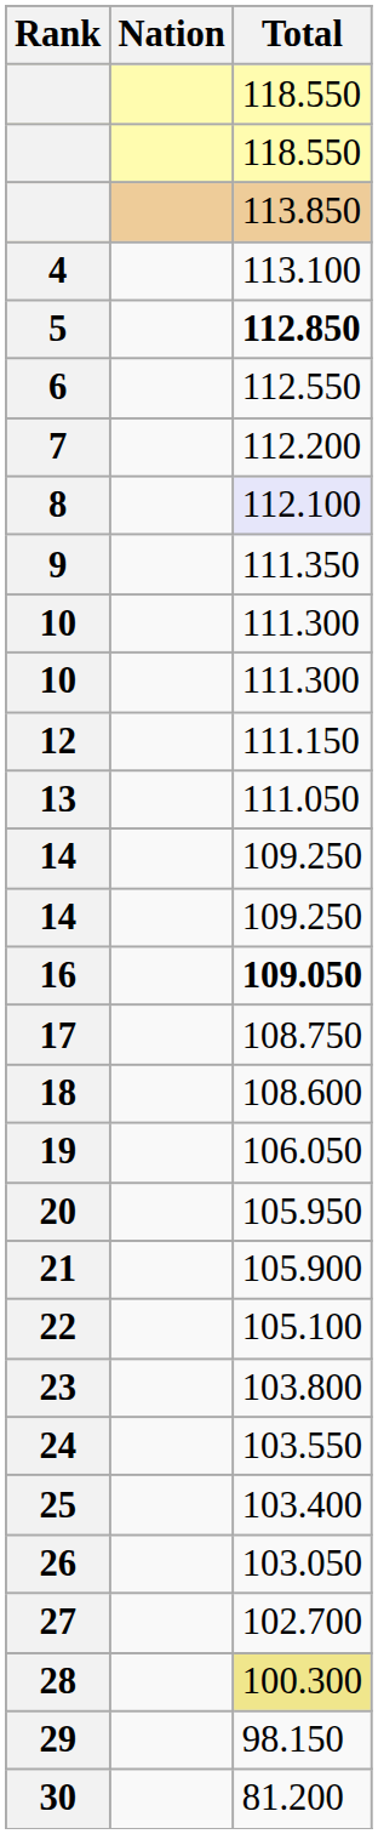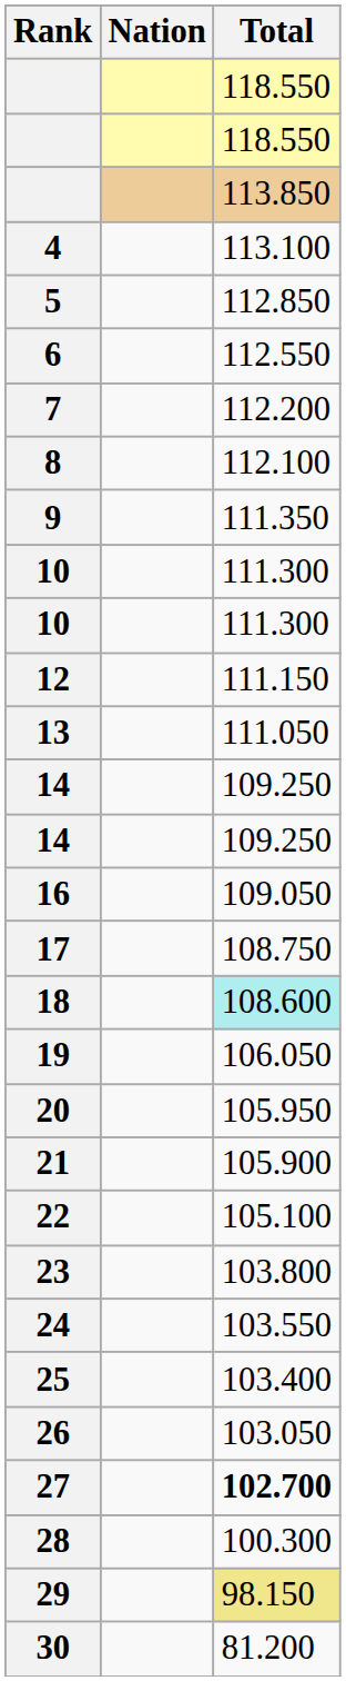 <table class="wikitable sortable">
 <tr>
 <th>Rank</th>
 <th>Nation</th>
 <th>Total</th>
 </tr>
 <tr bgcolor=fffcaf>
 <th></th>
 <td></td>
 <td>118.550</td>
 </tr>
 <tr bgcolor=fffcaf>
 <th></th>
 <td></td>
 <td>118.550</td>
 </tr>
 <tr bgcolor=eecc99>
 <th></th>
 <td></td>
 <td>113.850</td>
 </tr>
 <tr>
 <th>4</th>
 <td></td>
 <td>113.100</td>
 </tr>
 <tr>
 <th>5</th>
 <td></td>
-<td><strong>112.850</strong></td>
+<td>112.850</td>
 </tr>
 <tr>
 <th>6</th>
 <td></td>
 <td>112.550</td>
 </tr>
 <tr>
 <th>7</th>
 <td></td>
 <td>112.200</td>
 </tr>
 <tr>
 <th>8</th>
 <td></td>
-<td style="background: lavender;">112.100</td>
+<td>112.100</td>
 </tr>
 <tr>
 <th>9</th>
 <td></td>
 <td>111.350</td>
 </tr>
 <tr>
 <th>10</th>
 <td></td>
 <td>111.300</td>
 </tr>
 <tr>
 <th>10</th>
 <td></td>
 <td>111.300</td>
 </tr>
 <tr>
 <th>12</th>
 <td></td>
 <td>111.150</td>
 </tr>
 <tr>
 <th>13</th>
 <td></td>
 <td>111.050</td>
 </tr>
 <tr>
 <th>14</th>
 <td></td>
 <td>109.250</td>
 </tr>
 <tr>
 <th>14</th>
 <td></td>
 <td>109.250</td>
 </tr>
 <tr>
 <th>16</th>
 <td></td>
-<td><strong>109.050</strong></td>
+<td>109.050</td>
 </tr>
 <tr>
 <th>17</th>
 <td></td>
 <td>108.750</td>
 </tr>
 <tr>
 <th>18</th>
 <td></td>
-<td>108.600</td>
+<td style="background: paleturquoise;">108.600</td>
 </tr>
 <tr>
 <th>19</th>
 <td></td>
 <td>106.050</td>
 </tr>
 <tr>
 <th>20</th>
 <td></td>
 <td>105.950</td>
 </tr>
 <tr>
 <th>21</th>
 <td></td>
 <td>105.900</td>
 </tr>
 <tr>
 <th>22</th>
 <td></td>
 <td>105.100</td>
 </tr>
 <tr>
 <th>23</th>
 <td></td>
 <td>103.800</td>
 </tr>
 <tr>
 <th>24</th>
 <td></td>
 <td>103.550</td>
 </tr>
 <tr>
 <th>25</th>
 <td></td>
 <td>103.400</td>
 </tr>
 <tr>
 <th>26</th>
 <td></td>
 <td>103.050</td>
 </tr>
 <tr>
 <th>27</th>
 <td></td>
-<td>102.700</td>
+<td><strong>102.700</strong></td>
 </tr>
 <tr>
 <th>28</th>
 <td></td>
-<td style="background: khaki;">100.300</td>
+<td>100.300</td>
 </tr>
 <tr>
 <th>29</th>
 <td></td>
-<td>98.150</td>
+<td style="background: khaki;">98.150</td>
 </tr>
 <tr>
 <th>30</th>
 <td></td>
 <td>81.200</td>
 </tr>
 <tr>
 </tr>
 </table>
